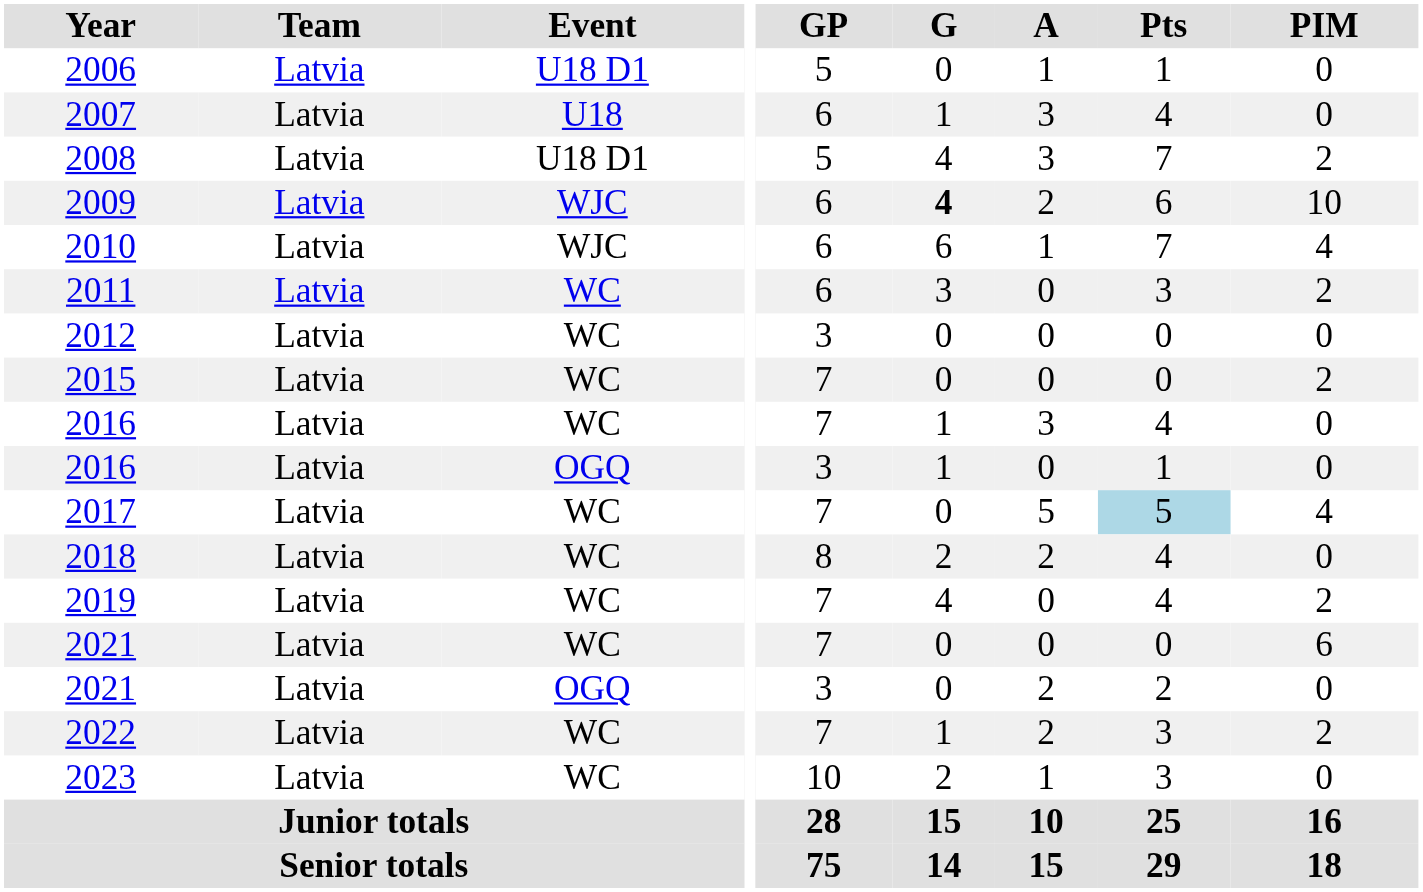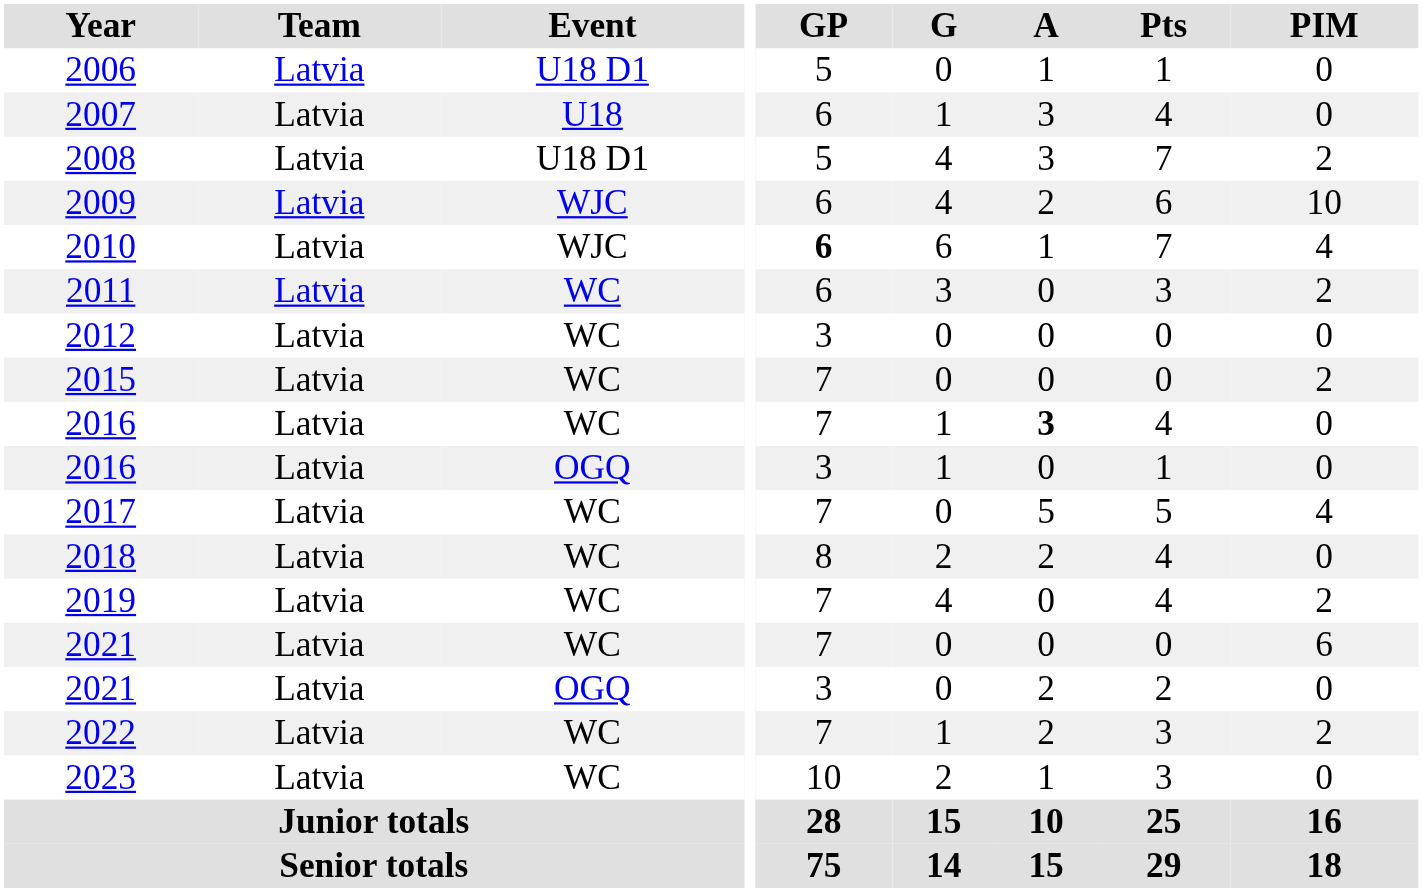 <table border="0" cellpadding="1" cellspacing="0" ID="Table3" style="text-align:center; width:40em">
 <tr ALIGN="center" bgcolor="#e0e0e0">
 <th>Year</th>
 <th>Team</th>
 <th>Event</th>
 <th rowspan="102" bgcolor="#ffffff"></th>
 <th>GP</th>
 <th>G</th>
 <th>A</th>
 <th>Pts</th>
 <th>PIM</th>
 </tr>
 <tr>
 <td><a href='#'>2006</a></td>
 <td><a href='#'>Latvia</a></td>
 <td><a href='#'>U18 D1</a></td>
 <td>5</td>
 <td>0</td>
 <td>1</td>
 <td>1</td>
 <td>0</td>
 </tr>
 <tr bgcolor="#f0f0f0">
 <td><a href='#'>2007</a></td>
 <td>Latvia</td>
 <td><a href='#'>U18</a></td>
 <td>6</td>
 <td>1</td>
 <td>3</td>
 <td>4</td>
 <td>0</td>
 </tr>
 <tr>
 <td><a href='#'>2008</a></td>
 <td>Latvia</td>
 <td>U18 D1</td>
 <td>5</td>
 <td>4</td>
 <td>3</td>
 <td>7</td>
 <td>2</td>
 </tr>
 <tr bgcolor="#f0f0f0">
 <td><a href='#'>2009</a></td>
 <td><a href='#'>Latvia</a></td>
 <td><a href='#'>WJC</a></td>
 <td>6</td>
-<td><strong>4</strong></td>
+<td>4</td>
 <td>2</td>
 <td>6</td>
 <td>10</td>
 </tr>
 <tr>
 <td><a href='#'>2010</a></td>
 <td>Latvia</td>
 <td>WJC</td>
-<td>6</td>
+<td><strong>6</strong></td>
 <td>6</td>
 <td>1</td>
 <td>7</td>
 <td>4</td>
 </tr>
 <tr bgcolor="#f0f0f0">
 <td><a href='#'>2011</a></td>
 <td><a href='#'>Latvia</a></td>
 <td><a href='#'>WC</a></td>
 <td>6</td>
 <td>3</td>
 <td>0</td>
 <td>3</td>
 <td>2</td>
 </tr>
 <tr>
 <td><a href='#'>2012</a></td>
 <td>Latvia</td>
 <td>WC</td>
 <td>3</td>
 <td>0</td>
 <td>0</td>
 <td>0</td>
 <td>0</td>
 </tr>
 <tr bgcolor="#f0f0f0">
 <td><a href='#'>2015</a></td>
 <td>Latvia</td>
 <td>WC</td>
 <td>7</td>
 <td>0</td>
 <td>0</td>
 <td>0</td>
 <td>2</td>
 </tr>
 <tr>
 <td><a href='#'>2016</a></td>
 <td>Latvia</td>
 <td>WC</td>
 <td>7</td>
 <td>1</td>
-<td>3</td>
+<td><strong>3</strong></td>
 <td>4</td>
 <td>0</td>
 </tr>
 <tr ALIGN="center"  bgcolor="#f0f0f0">
 <td><a href='#'>2016</a></td>
 <td>Latvia</td>
 <td><a href='#'>OGQ</a></td>
 <td>3</td>
 <td>1</td>
 <td>0</td>
 <td>1</td>
 <td>0</td>
 </tr>
 <tr>
 <td><a href='#'>2017</a></td>
 <td>Latvia</td>
 <td>WC</td>
 <td>7</td>
 <td>0</td>
 <td>5</td>
-<td style="background: lightblue;">5</td>
+<td>5</td>
 <td>4</td>
 </tr>
 <tr bgcolor="#f0f0f0">
 <td><a href='#'>2018</a></td>
 <td>Latvia</td>
 <td>WC</td>
 <td>8</td>
 <td>2</td>
 <td>2</td>
 <td>4</td>
 <td>0</td>
 </tr>
 <tr>
 <td><a href='#'>2019</a></td>
 <td>Latvia</td>
 <td>WC</td>
 <td>7</td>
 <td>4</td>
 <td>0</td>
 <td>4</td>
 <td>2</td>
 </tr>
 <tr bgcolor="#f0f0f0">
 <td><a href='#'>2021</a></td>
 <td>Latvia</td>
 <td>WC</td>
 <td>7</td>
 <td>0</td>
 <td>0</td>
 <td>0</td>
 <td>6</td>
 </tr>
 <tr>
 <td><a href='#'>2021</a></td>
 <td>Latvia</td>
 <td><a href='#'>OGQ</a></td>
 <td>3</td>
 <td>0</td>
 <td>2</td>
 <td>2</td>
 <td>0</td>
 </tr>
 <tr bgcolor="#f0f0f0">
 <td><a href='#'>2022</a></td>
 <td>Latvia</td>
 <td>WC</td>
 <td>7</td>
 <td>1</td>
 <td>2</td>
 <td>3</td>
 <td>2</td>
 </tr>
 <tr>
 <td><a href='#'>2023</a></td>
 <td>Latvia</td>
 <td>WC</td>
 <td>10</td>
 <td>2</td>
 <td>1</td>
 <td>3</td>
 <td>0</td>
 </tr>
 <tr bgcolor="#e0e0e0">
 <th colspan="3">Junior totals</th>
 <th>28</th>
 <th>15</th>
 <th>10</th>
 <th>25</th>
 <th>16</th>
 </tr>
 <tr bgcolor="#e0e0e0">
 <th colspan="3">Senior totals</th>
 <th>75</th>
 <th>14</th>
 <th>15</th>
 <th>29</th>
 <th>18</th>
 </tr>
 </table>
